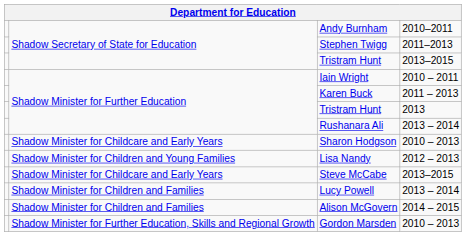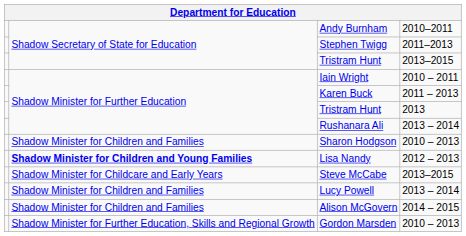 <table class="wikitable">
 <tr>
 <th colspan="4"><a href='#'>Department for Education</a></th>
 </tr>
 <tr>
 <td style="background: "></td>
 <td rowspan="3"><a href='#'>Shadow Secretary of State for Education</a></td>
 <td><a href='#'>Andy Burnham</a></td>
 <td>2010–2011</td>
 </tr>
 <tr>
 <td style="background: "></td>
 <td><a href='#'>Stephen Twigg</a></td>
 <td>2011–2013</td>
 </tr>
 <tr>
 <td style="background: "></td>
 <td><a href='#'>Tristram Hunt</a></td>
 <td>2013–2015</td>
 </tr>
 <tr>
 <td style="background: "></td>
 <td rowspan="4"><a href='#'>Shadow Minister for Further Education</a></td>
 <td><a href='#'>Iain Wright</a></td>
 <td>2010 – 2011</td>
 </tr>
 <tr>
 <td style="background: "></td>
 <td><a href='#'>Karen Buck</a></td>
 <td>2011 – 2013</td>
 </tr>
 <tr>
 <td style="background: "></td>
 <td><a href='#'>Tristram Hunt</a></td>
 <td>2013</td>
 </tr>
 <tr>
 <td style="background: "></td>
 <td><a href='#'>Rushanara Ali</a></td>
 <td>2013 – 2014</td>
 </tr>
 <tr>
 <td style="background: "></td>
-<td><a href='#'>Shadow Minister for Childcare and Early Years</a></td>
+<td rowspan="1"><a href='#'>Shadow Minister for Children and Families</a></td>
 <td><a href='#'>Sharon Hodgson</a></td>
 <td>2010 – 2013</td>
 </tr>
 <tr>
 <td style="background: "></td>
-<td rowspan="1"><a href='#'>Shadow Minister for Children and Young Families</a></td>
+<td rowspan="1"><strong><a href='#'>Shadow Minister for Children and Young Families</a></strong></td>
 <td><a href='#'>Lisa Nandy</a></td>
 <td>2012 – 2013</td>
 </tr>
 <tr>
 <td style="background: "></td>
 <td><a href='#'>Shadow Minister for Childcare and Early Years</a></td>
 <td><a href='#'>Steve McCabe</a></td>
 <td>2013–2015</td>
 </tr>
 <tr>
 <td style="background: "></td>
 <td rowspan="1"><a href='#'>Shadow Minister for Children and Families</a></td>
 <td><a href='#'>Lucy Powell</a></td>
 <td>2013 – 2014</td>
 </tr>
 <tr>
 <td style="background: "></td>
 <td rowspan="1"><a href='#'>Shadow Minister for Children and Families</a></td>
 <td><a href='#'>Alison McGovern</a></td>
 <td>2014 – 2015</td>
 </tr>
 <tr>
 <td style="background: "></td>
 <td rowspan="1"><a href='#'>Shadow Minister for Further Education, Skills and Regional Growth</a></td>
 <td><a href='#'>Gordon Marsden</a></td>
 <td>2010 – 2013</td>
 </tr>
 </table>
